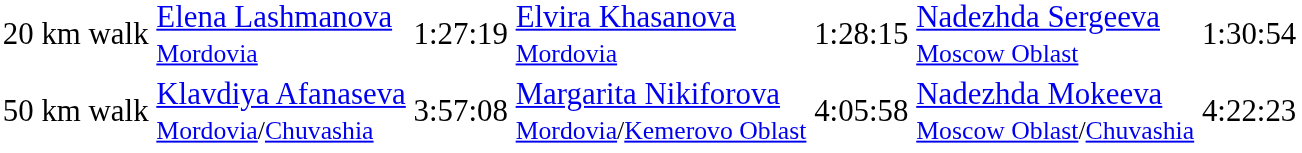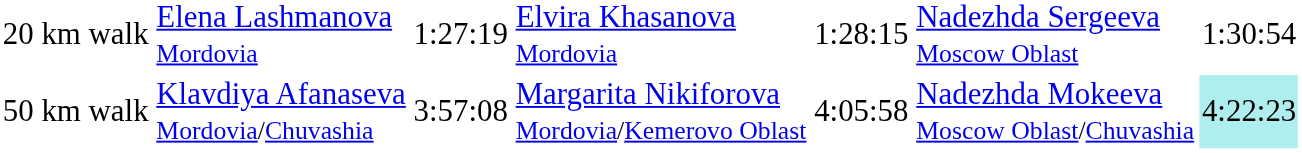 <table>
 <tr>
 <td>20 km walk</td>
 <td><a href='#'>Elena Lashmanova</a><br><small><a href='#'>Mordovia</a></small></td>
 <td>1:27:19</td>
 <td><a href='#'>Elvira Khasanova</a><br><small><a href='#'>Mordovia</a></small></td>
 <td>1:28:15</td>
 <td><a href='#'>Nadezhda Sergeeva</a><br><small><a href='#'>Moscow Oblast</a></small></td>
 <td>1:30:54</td>
 </tr>
 <tr>
 <td>50 km walk</td>
 <td><a href='#'>Klavdiya Afanaseva</a><br><small><a href='#'>Mordovia</a>/<a href='#'>Chuvashia</a></small></td>
 <td>3:57:08</td>
 <td><a href='#'>Margarita Nikiforova</a><br><small><a href='#'>Mordovia</a>/<a href='#'>Kemerovo Oblast</a></small></td>
 <td>4:05:58</td>
 <td><a href='#'>Nadezhda Mokeeva</a><br><small><a href='#'>Moscow Oblast</a>/<a href='#'>Chuvashia</a></small></td>
-<td>4:22:23</td>
+<td style="background: paleturquoise;">4:22:23</td>
 </tr>
 </table>
